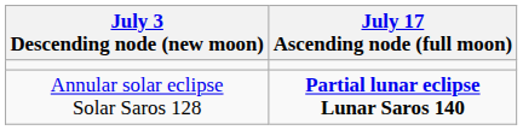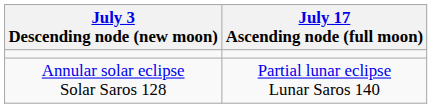 <table class="wikitable">
 <tr>
 <th><a href='#'>July 3</a><br>Descending node (new moon)<br></th>
 <th><a href='#'>July 17</a><br>Ascending node (full moon)<br></th>
 </tr>
 <tr>
 <td></td>
 <td></td>
 </tr>
 <tr align=center>
 <td><a href='#'>Annular solar eclipse</a><br>Solar Saros 128</td>
-<td><strong><a href='#'>Partial lunar eclipse</a><br>Lunar Saros 140</strong></td>
+<td><a href='#'>Partial lunar eclipse</a><br>Lunar Saros 140</td>
 </tr>
 </table>
